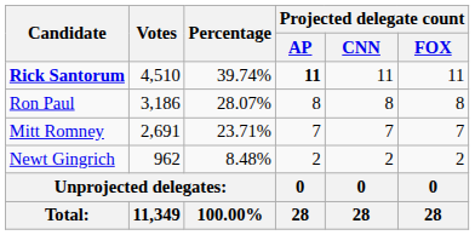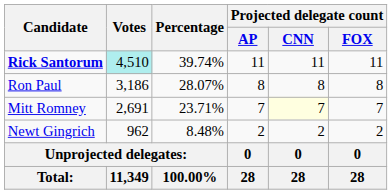 <table class="wikitable" style="text-align:right;">
 <tr>
 <th rowspan="2">Candidate</th>
 <th rowspan="2">Votes</th>
 <th rowspan="2">Percentage</th>
 <th colspan="3">Projected delegate count</th>
 </tr>
 <tr>
 <th><a href='#'>AP</a></th>
 <th><a href='#'>CNN</a><br></th>
 <th><a href='#'>FOX</a><br></th>
 </tr>
 <tr>
 <td style="text-align:left;"> <strong><a href='#'>Rick Santorum</a></strong></td>
-<td>4,510</td>
+<td style="background: paleturquoise;">4,510</td>
 <td>39.74%</td>
-<td><strong>11</strong></td>
+<td>11</td>
 <td>11</td>
 <td>11</td>
 </tr>
 <tr>
 <td style="text-align:left;"><a href='#'>Ron Paul</a></td>
 <td>3,186</td>
 <td>28.07%</td>
 <td>8</td>
 <td>8</td>
 <td>8</td>
 </tr>
 <tr>
 <td style="text-align:left;"><a href='#'>Mitt Romney</a></td>
 <td>2,691</td>
 <td>23.71%</td>
 <td>7</td>
-<td>7</td>
+<td style="background: lightyellow;">7</td>
 <td>7</td>
 </tr>
 <tr>
 <td style="text-align:left;"><a href='#'>Newt Gingrich</a></td>
 <td>962</td>
 <td>8.48%</td>
 <td>2</td>
 <td>2</td>
 <td>2</td>
 </tr>
 <tr style="background:#eee;">
 <th colspan="3">Unprojected delegates:</th>
 <th>0</th>
 <th>0</th>
 <th>0</th>
 </tr>
 <tr style="background:#eee;">
 <th>Total:</th>
 <th>11,349</th>
 <th>100.00%</th>
 <th>28</th>
 <th>28</th>
 <th>28</th>
 </tr>
 </table>
